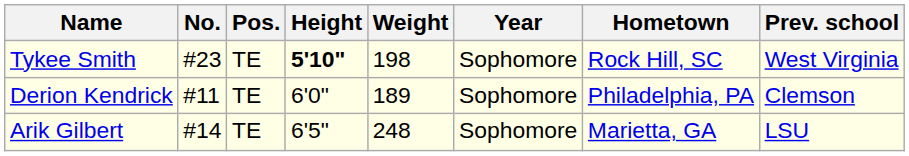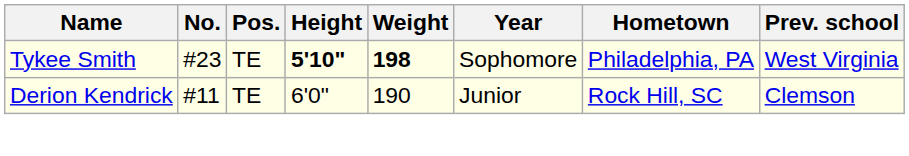 <table class="wikitable sortable">
 <tr>
 <th>Name</th>
 <th>No.</th>
 <th>Pos.</th>
 <th>Height</th>
 <th>Weight</th>
 <th>Year</th>
 <th>Hometown</th>
 <th class="unsortable">Prev. school</th>
 </tr>
 <tr style="background:#FFFFE6;">
 <td><a href='#'>Tykee Smith</a></td>
 <td>#23</td>
 <td>TE</td>
 <td><strong>5'10"</strong></td>
-<td>198</td>
+<td><strong>198</strong></td>
 <td>Sophomore</td>
-<td><a href='#'>Rock Hill, SC</a></td>
+<td><a href='#'>Philadelphia, PA</a></td>
 <td><a href='#'>West Virginia</a></td>
 </tr>
 <tr style="background:#FFFFE6;">
 <td><a href='#'>Derion Kendrick</a></td>
 <td>#11</td>
 <td>TE</td>
 <td>6'0"</td>
-<td>189</td>
-<td>Sophomore</td>
-<td><a href='#'>Philadelphia, PA</a></td>
+<td>190</td>
+<td>Junior</td>
+<td><a href='#'>Rock Hill, SC</a></td>
 <td><a href='#'>Clemson</a></td>
 </tr>
-<tr style="background:#FFFFE6;">
-<td><a href='#'>Arik Gilbert</a></td>
-<td>#14</td>
-<td>TE</td>
-<td>6'5"</td>
-<td>248</td>
-<td>Sophomore</td>
-<td><a href='#'>Marietta, GA</a></td>
-<td><a href='#'>LSU</a></td>
-</tr>
 </table>
